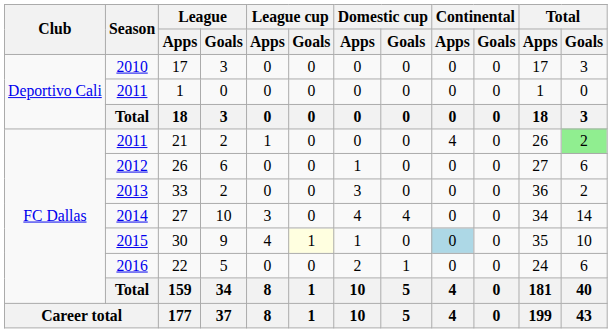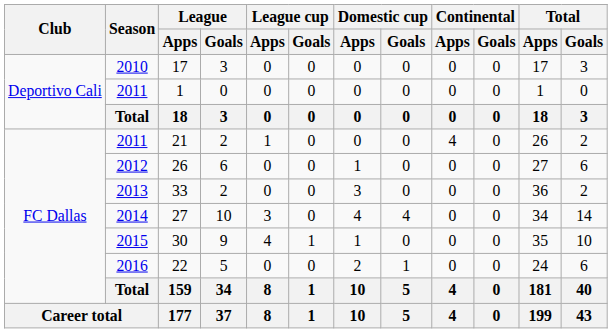 <table class="wikitable" style="text-align: center;">
 <tr>
 <th rowspan="2">Club</th>
 <th rowspan="2">Season</th>
 <th colspan="2">League</th>
 <th colspan="2">League cup</th>
 <th colspan="2">Domestic cup</th>
 <th colspan="2">Continental</th>
 <th colspan="2">Total</th>
 </tr>
 <tr>
 <th>Apps</th>
 <th>Goals</th>
 <th>Apps</th>
 <th>Goals</th>
 <th>Apps</th>
 <th>Goals</th>
 <th>Apps</th>
 <th>Goals</th>
 <th>Apps</th>
 <th>Goals</th>
 </tr>
 <tr>
 <td rowspan="3"><a href='#'>Deportivo Cali</a></td>
 <td><a href='#'>2010</a></td>
 <td>17</td>
 <td>3</td>
 <td>0</td>
 <td>0</td>
 <td>0</td>
 <td>0</td>
 <td>0</td>
 <td>0</td>
 <td>17</td>
 <td>3</td>
 </tr>
 <tr>
 <td><a href='#'>2011</a></td>
 <td>1</td>
 <td>0</td>
 <td>0</td>
 <td>0</td>
 <td>0</td>
 <td>0</td>
 <td>0</td>
 <td>0</td>
 <td>1</td>
 <td>0</td>
 </tr>
 <tr>
 <th>Total</th>
 <th>18</th>
 <th>3</th>
 <th>0</th>
 <th>0</th>
 <th>0</th>
 <th>0</th>
 <th>0</th>
 <th>0</th>
 <th>18</th>
 <th>3</th>
 </tr>
 <tr>
 <td rowspan="7"><a href='#'>FC Dallas</a></td>
 <td><a href='#'>2011</a></td>
 <td>21</td>
 <td>2</td>
 <td>1</td>
 <td>0</td>
 <td>0</td>
 <td>0</td>
 <td>4</td>
 <td>0</td>
 <td>26</td>
-<td style="background: lightgreen;">2</td>
+<td>2</td>
 </tr>
 <tr>
 <td><a href='#'>2012</a></td>
 <td>26</td>
 <td>6</td>
 <td>0</td>
 <td>0</td>
 <td>1</td>
 <td>0</td>
 <td>0</td>
 <td>0</td>
 <td>27</td>
 <td>6</td>
 </tr>
 <tr>
 <td><a href='#'>2013</a></td>
 <td>33</td>
 <td>2</td>
 <td>0</td>
 <td>0</td>
 <td>3</td>
 <td>0</td>
 <td>0</td>
 <td>0</td>
 <td>36</td>
 <td>2</td>
 </tr>
 <tr>
 <td><a href='#'>2014</a></td>
 <td>27</td>
 <td>10</td>
 <td>3</td>
 <td>0</td>
 <td>4</td>
 <td>4</td>
 <td>0</td>
 <td>0</td>
 <td>34</td>
 <td>14</td>
 </tr>
 <tr>
 <td><a href='#'>2015</a></td>
 <td>30</td>
 <td>9</td>
 <td>4</td>
-<td style="background: lightyellow;">1</td>
+<td>1</td>
 <td>1</td>
 <td>0</td>
-<td style="background: lightblue;">0</td>
+<td>0</td>
 <td>0</td>
 <td>35</td>
 <td>10</td>
 </tr>
 <tr>
 <td><a href='#'>2016</a></td>
 <td>22</td>
 <td>5</td>
 <td>0</td>
 <td>0</td>
 <td>2</td>
 <td>1</td>
 <td>0</td>
 <td>0</td>
 <td>24</td>
 <td>6</td>
 </tr>
 <tr>
 <th>Total</th>
 <th>159</th>
 <th>34</th>
 <th>8</th>
 <th>1</th>
 <th>10</th>
 <th>5</th>
 <th>4</th>
 <th>0</th>
 <th>181</th>
 <th>40</th>
 </tr>
 <tr>
 <th colspan="2">Career total</th>
 <th>177</th>
 <th>37</th>
 <th>8</th>
 <th>1</th>
 <th>10</th>
 <th>5</th>
 <th>4</th>
 <th>0</th>
 <th>199</th>
 <th>43</th>
 </tr>
 </table>
